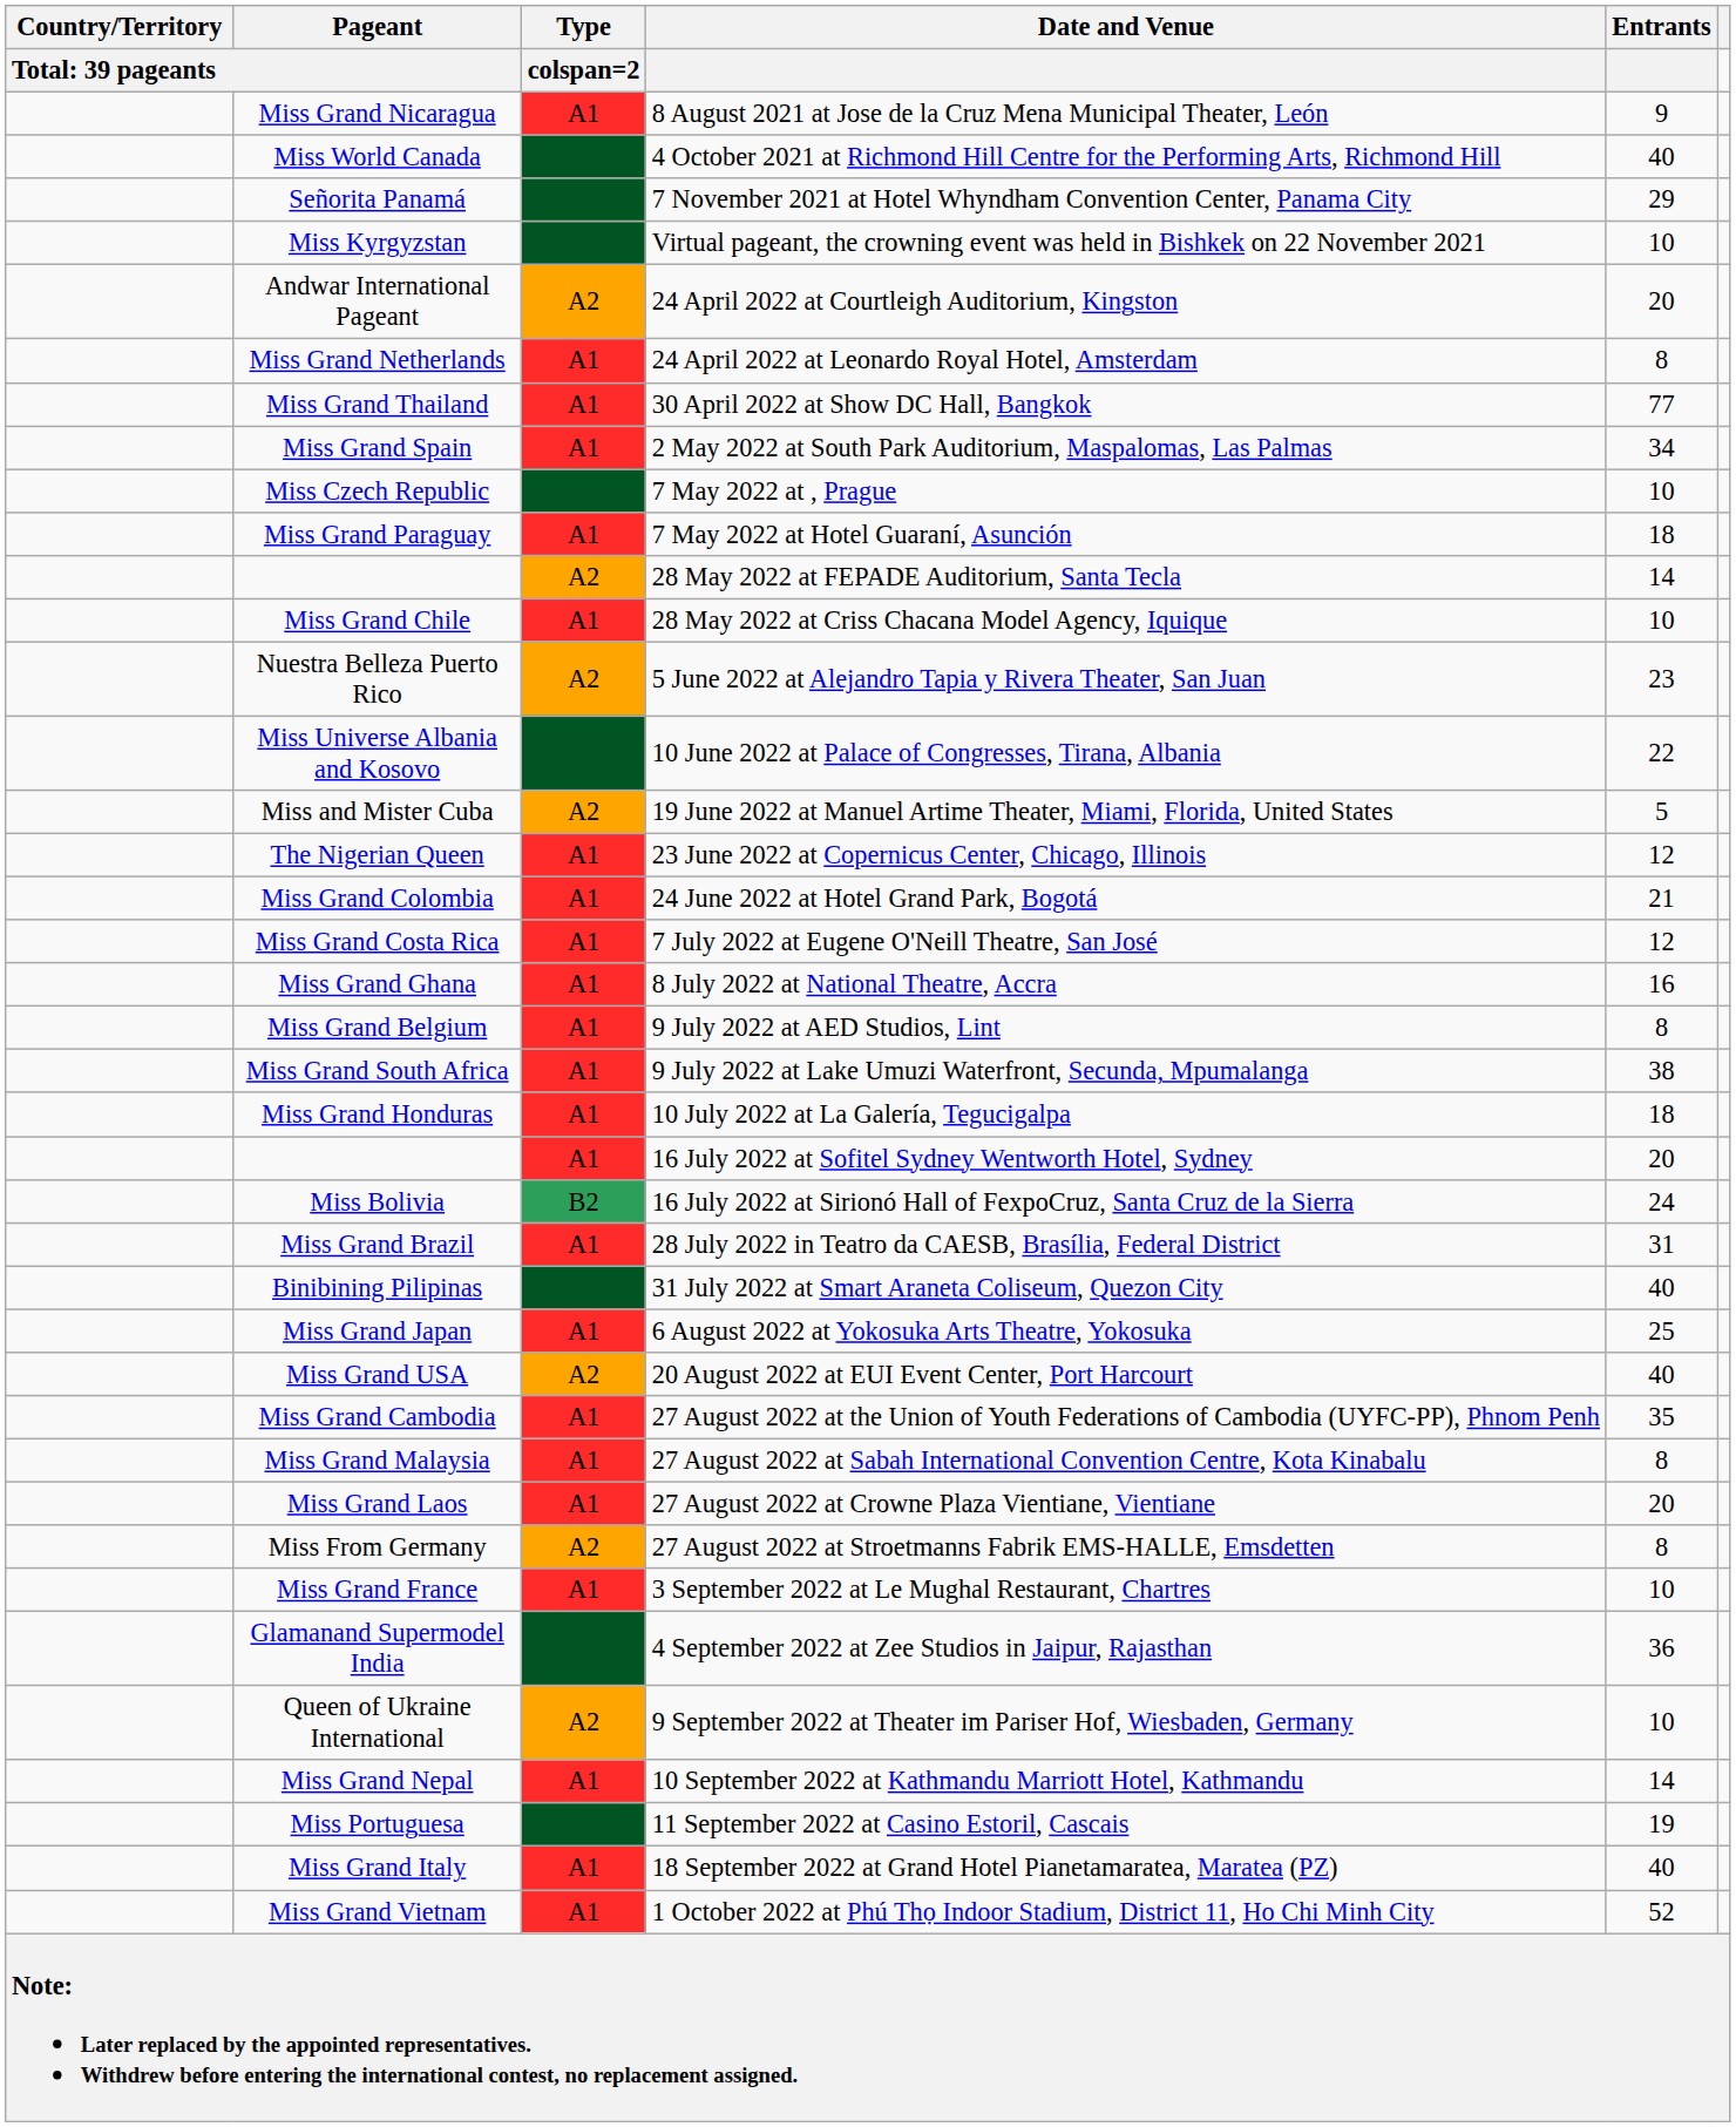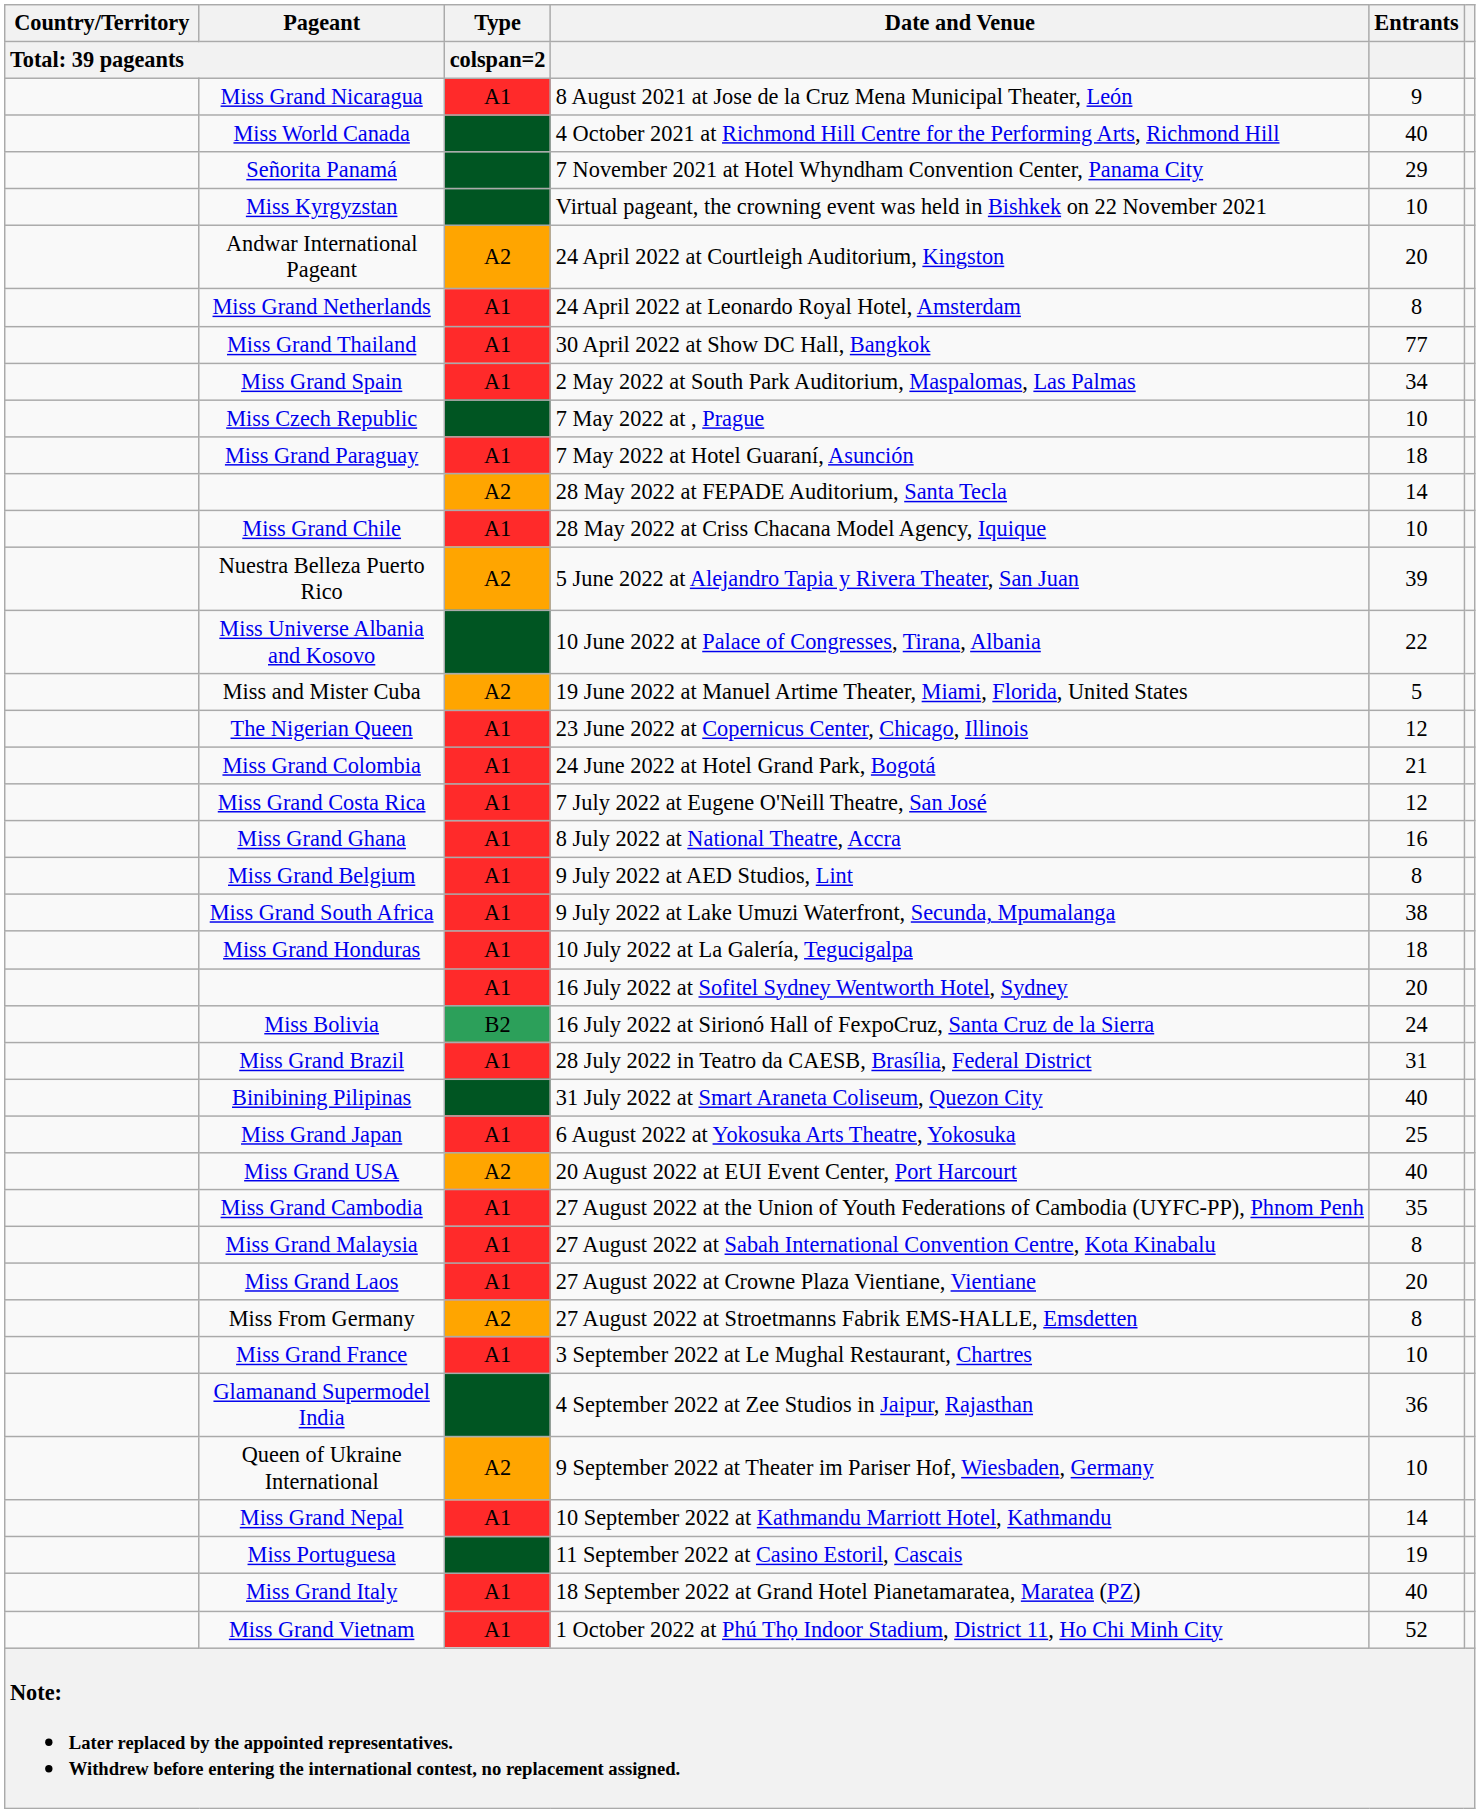 <table class="wikitable sortable static-row-numbers" style="font-size: 95%">
 <tr>
 <th class="unsortable" style="width:125px;">Country/Territory</th>
 <th class="unsortable" style="width:160px;">Pageant</th>
 <th class=unsortable>Type</th>
 <th class=unsortable>Date and Venue</th>
 <th class=unsortable>Entrants</th>
 <th class=unsortable></th>
 </tr>
 <tr style="background:white;" class="static-row-header">
 <th colspan="2" style="text-align:left;">Total: 39 pageants</th>
 <th>colspan=2 </th>
 <th></th>
 <th></th>
 </tr>
 <tr id="NIC">
 <td></td>
 <td align=center><a href='#'>Miss Grand Nicaragua</a></td>
 <td align=center bgcolor=#ff2a2a>A1</td>
 <td>8 August 2021 at Jose de la Cruz Mena Municipal Theater, <a href='#'>León</a></td>
 <td align=center>9</td>
 <td align=center></td>
 </tr>
 <tr id="CAN">
 <td></td>
 <td align=center><a href='#'>Miss World Canada</a></td>
 <td align=center bgcolor=#005522></td>
 <td>4 October 2021 at <a href='#'>Richmond Hill Centre for the Performing Arts</a>, <a href='#'>Richmond Hill</a></td>
 <td align=center>40</td>
 <td align=center></td>
 </tr>
 <tr id="PAN">
 <td></td>
 <td align=center><a href='#'>Señorita Panamá</a></td>
 <td align=center bgcolor=#005522></td>
 <td>7 November 2021 at Hotel Whyndham Convention Center, <a href='#'>Panama City</a></td>
 <td align=center>29</td>
 <td align=center></td>
 </tr>
 <tr id="KGZ">
 <td></td>
 <td align=center><a href='#'>Miss Kyrgyzstan</a></td>
 <td align=center bgcolor=#005522></td>
 <td>Virtual pageant, the crowning event was held in <a href='#'>Bishkek</a> on 22 November 2021</td>
 <td align=center>10</td>
 <td align=center></td>
 </tr>
 <tr id="JAM">
 <td></td>
 <td align=center>Andwar International Pageant</td>
 <td align=center bgcolor=#ffa500>A2</td>
 <td>24 April 2022 at Courtleigh Auditorium, <a href='#'>Kingston</a></td>
 <td align=center>20</td>
 <td align=center></td>
 </tr>
 <tr id="NED">
 <td></td>
 <td align=center><a href='#'>Miss Grand Netherlands</a></td>
 <td align=center bgcolor=#ff2a2a>A1</td>
 <td>24 April 2022 at Leonardo Royal Hotel, <a href='#'>Amsterdam</a></td>
 <td align=center>8</td>
 <td align=center></td>
 </tr>
 <tr id="THA">
 <td></td>
 <td align=center><a href='#'>Miss Grand Thailand</a></td>
 <td align=center bgcolor=#ff2a2a>A1</td>
 <td>30 April 2022 at Show DC Hall, <a href='#'>Bangkok</a></td>
 <td align=center>77</td>
 <td align=center></td>
 </tr>
 <tr id="ESP">
 <td></td>
 <td align=center><a href='#'>Miss Grand Spain</a></td>
 <td align=center bgcolor=#ff2a2a>A1</td>
 <td>2 May 2022 at South Park Auditorium, <a href='#'>Maspalomas</a>, <a href='#'>Las Palmas</a></td>
 <td align=center>34</td>
 <td align=center></td>
 </tr>
 <tr id="CZE">
 <td></td>
 <td align=center><a href='#'>Miss Czech Republic</a></td>
 <td align=center bgcolor=#005522></td>
 <td>7 May 2022 at , <a href='#'>Prague</a></td>
 <td align=center>10</td>
 <td align=center></td>
 </tr>
 <tr>
 <td></td>
 <td align=center><a href='#'>Miss Grand Paraguay</a></td>
 <td align=center bgcolor=#ff2a2a>A1</td>
 <td>7 May 2022 at Hotel Guaraní, <a href='#'>Asunción</a></td>
 <td align=center>18</td>
 <td align=center><br></td>
 </tr>
 <tr>
 <td></td>
 <td align=center></td>
 <td align=center bgcolor=#ffa500>A2</td>
 <td>28 May 2022 at FEPADE Auditorium, <a href='#'>Santa Tecla</a></td>
 <td align=center>14</td>
 <td align=center></td>
 </tr>
 <tr>
 <td></td>
 <td align=center><a href='#'>Miss Grand Chile</a></td>
 <td align=center bgcolor=#ff2a2a>A1</td>
 <td>28 May 2022 at Criss Chacana Model Agency, <a href='#'>Iquique</a></td>
 <td align=center>10</td>
 <td align=center></td>
 </tr>
 <tr>
 <td></td>
 <td align=center>Nuestra Belleza Puerto Rico</td>
 <td align=center bgcolor=#ffa500>A2</td>
 <td>5 June 2022 at <a href='#'>Alejandro Tapia y Rivera Theater</a>, <a href='#'>San Juan</a></td>
-<td align=center>23</td>
+<td align=center>39</td>
 <td align=center></td>
 </tr>
 <tr>
 <td></td>
 <td align=center><a href='#'>Miss Universe Albania and Kosovo</a></td>
 <td align=center bgcolor=#005522></td>
 <td>10 June 2022 at <a href='#'>Palace of Congresses</a>, <a href='#'>Tirana</a>, <a href='#'>Albania</a></td>
 <td align=center>22</td>
 <td align=center></td>
 </tr>
 <tr>
 <td></td>
 <td align=center>Miss and Mister Cuba</td>
 <td align=center bgcolor=#ffa500>A2</td>
 <td>19 June 2022 at Manuel Artime Theater, <a href='#'>Miami</a>, <a href='#'>Florida</a>, United States</td>
 <td align=center>5</td>
 <td align=center></td>
 </tr>
 <tr id="USA">
 <td></td>
 <td align=center><a href='#'>The Nigerian Queen</a></td>
 <td align=center bgcolor=#ff2a2a>A1</td>
 <td>23 June 2022 at <a href='#'>Copernicus Center</a>, <a href='#'>Chicago</a>, <a href='#'>Illinois</a></td>
 <td align=center>12</td>
 <td align=center></td>
 </tr>
 <tr>
 <td></td>
 <td align=center><a href='#'>Miss Grand Colombia</a></td>
 <td align=center bgcolor=#ff2a2a>A1</td>
 <td>24 June 2022 at Hotel Grand Park, <a href='#'>Bogotá</a></td>
 <td align=center>21</td>
 <td align=center></td>
 </tr>
 <tr>
 <td></td>
 <td align=center><a href='#'>Miss Grand Costa Rica</a></td>
 <td align=center bgcolor=#ff2a2a>A1</td>
 <td>7 July 2022 at Eugene O'Neill Theatre, <a href='#'>San José</a></td>
 <td align=center>12</td>
 <td align=center><br></td>
 </tr>
 <tr>
 <td></td>
 <td align=center><a href='#'>Miss Grand Ghana</a></td>
 <td align=center bgcolor=#ff2a2a>A1</td>
 <td>8 July 2022 at <a href='#'>National Theatre</a>, <a href='#'>Accra</a></td>
 <td align=center>16</td>
 <td align=center></td>
 </tr>
 <tr>
 <td></td>
 <td align=center><a href='#'>Miss Grand Belgium</a></td>
 <td align=center bgcolor=#ff2a2a>A1</td>
 <td>9 July 2022 at AED Studios, <a href='#'>Lint</a></td>
 <td align=center>8</td>
 <td align=center></td>
 </tr>
 <tr>
 <td></td>
 <td align=center><a href='#'>Miss Grand South Africa</a></td>
 <td align=center bgcolor=#ff2a2a>A1</td>
 <td>9 July 2022 at Lake Umuzi Waterfront, <a href='#'>Secunda, Mpumalanga</a></td>
 <td align=center>38</td>
 <td align=center></td>
 </tr>
 <tr>
 <td></td>
 <td align=center><a href='#'>Miss Grand Honduras</a></td>
 <td align=center bgcolor=#ff2a2a>A1</td>
 <td>10 July 2022 at La Galería, <a href='#'>Tegucigalpa</a></td>
 <td align=center>18</td>
 <td align=center></td>
 </tr>
 <tr>
 <td></td>
 <td align=center></td>
 <td align=center bgcolor=#ff2a2a>A1</td>
 <td>16 July 2022 at <a href='#'>Sofitel Sydney Wentworth Hotel</a>, <a href='#'>Sydney</a></td>
 <td align=center>20</td>
 <td align=center></td>
 </tr>
 <tr>
 <td></td>
 <td align=center><a href='#'>Miss Bolivia</a></td>
 <td align=center bgcolor=#2ca05a>B2</td>
 <td>16 July 2022 at Sirionó Hall of FexpoCruz, <a href='#'>Santa Cruz de la Sierra</a></td>
 <td align=center>24</td>
 <td align=center></td>
 </tr>
 <tr>
 <td></td>
 <td align=center><a href='#'>Miss Grand Brazil</a></td>
 <td align=center bgcolor=#ff2a2a>A1</td>
 <td>28 July 2022 in Teatro da CAESB, <a href='#'>Brasília</a>, <a href='#'>Federal District</a></td>
 <td align=center>31</td>
 <td align=center></td>
 </tr>
 <tr>
 <td></td>
 <td align=center><a href='#'>Binibining Pilipinas</a></td>
 <td align=center bgcolor=#005522></td>
 <td>31 July 2022 at <a href='#'>Smart Araneta Coliseum</a>, <a href='#'>Quezon City</a></td>
 <td align=center>40</td>
 <td align=center></td>
 </tr>
 <tr>
 <td></td>
 <td align=center><a href='#'>Miss Grand Japan</a></td>
 <td align=center bgcolor=#ff2a2a>A1</td>
 <td>6 August 2022 at <a href='#'>Yokosuka Arts Theatre</a>, <a href='#'>Yokosuka</a></td>
 <td align=center>25</td>
 <td align=center></td>
 </tr>
 <tr>
 <td></td>
 <td align=center><a href='#'>Miss Grand USA</a></td>
 <td align=center bgcolor=#ffa500>A2</td>
 <td>20 August 2022 at EUI Event Center, <a href='#'>Port Harcourt</a></td>
 <td align=center>40</td>
 <td align=center></td>
 </tr>
 <tr>
 <td></td>
 <td align=center><a href='#'>Miss Grand Cambodia</a></td>
 <td align=center bgcolor=#ff2a2a>A1</td>
 <td>27 August 2022 at the Union of Youth Federations of Cambodia (UYFC-PP), <a href='#'>Phnom Penh</a></td>
 <td align=center>35</td>
 <td align=center></td>
 </tr>
 <tr>
 <td></td>
 <td align=center><a href='#'>Miss Grand Malaysia</a></td>
 <td align=center bgcolor=#ff2a2a>A1</td>
 <td>27 August 2022 at <a href='#'>Sabah International Convention Centre</a>, <a href='#'>Kota Kinabalu</a></td>
 <td align=center>8</td>
 <td align=center></td>
 </tr>
 <tr>
 <td></td>
 <td align=center><a href='#'>Miss Grand Laos</a></td>
 <td align=center bgcolor=#ff2a2a>A1</td>
 <td>27 August 2022 at Crowne Plaza Vientiane, <a href='#'>Vientiane</a></td>
 <td align=center>20</td>
 <td align=center></td>
 </tr>
 <tr>
 <td></td>
 <td align=center>Miss From Germany</td>
 <td align=center bgcolor=#ffa500>A2</td>
 <td>27 August 2022 at Stroetmanns Fabrik EMS-HALLE, <a href='#'>Emsdetten</a></td>
 <td align=center>8</td>
 <td align=center></td>
 </tr>
 <tr>
 <td></td>
 <td align=center><a href='#'>Miss Grand France</a></td>
 <td align=center bgcolor=#ff2a2a>A1</td>
 <td>3 September 2022 at Le Mughal Restaurant, <a href='#'>Chartres</a></td>
 <td align=center>10</td>
 <td align=center></td>
 </tr>
 <tr>
 <td></td>
 <td align=center><a href='#'>Glamanand Supermodel India</a></td>
 <td align=center bgcolor=#005522></td>
 <td>4 September 2022 at Zee Studios in <a href='#'>Jaipur</a>, <a href='#'>Rajasthan</a></td>
 <td align=center>36</td>
 <td align=center></td>
 </tr>
 <tr>
 <td></td>
 <td align=center>Queen of Ukraine International</td>
 <td align=center bgcolor=#ffa500>A2</td>
 <td>9 September 2022 at Theater im Pariser Hof, <a href='#'>Wiesbaden</a>, <a href='#'>Germany</a></td>
 <td align=center>10</td>
 <td align=center></td>
 </tr>
 <tr>
 <td></td>
 <td align=center><a href='#'>Miss Grand Nepal</a></td>
 <td align=center bgcolor=#ff2a2a>A1</td>
 <td>10 September 2022 at <a href='#'>Kathmandu Marriott Hotel</a>, <a href='#'>Kathmandu</a></td>
 <td align=center>14</td>
 <td align=center></td>
 </tr>
 <tr>
 <td></td>
 <td align=center><a href='#'>Miss Portuguesa</a></td>
 <td align=center bgcolor=#005522></td>
 <td>11 September 2022 at <a href='#'>Casino Estoril</a>, <a href='#'>Cascais</a></td>
 <td align=center>19</td>
 <td align=center></td>
 </tr>
 <tr>
 <td></td>
 <td align=center><a href='#'>Miss Grand Italy</a></td>
 <td align=center bgcolor=#ff2a2a>A1</td>
 <td>18 September 2022 at Grand Hotel Pianetamaratea, <a href='#'>Maratea</a> (<a href='#'>PZ</a>)</td>
 <td align=center>40</td>
 <td align=center></td>
 </tr>
 <tr>
 <td></td>
 <td align=center><a href='#'>Miss Grand Vietnam</a></td>
 <td align=center bgcolor=#ff2a2a>A1</td>
 <td>1 October 2022 at <a href='#'>Phú Thọ Indoor Stadium</a>, <a href='#'>District 11</a>, <a href='#'>Ho Chi Minh City</a></td>
 <td align=center>52</td>
 <td align=center></td>
 </tr>
 <tr style="background:white;" class="sortbottom static-row-header">
 <th colspan="6" style="text-align:left;"><br>Note:<ul><li><small> Later replaced by the appointed representatives.</small></li><li><small> Withdrew before entering the international contest, no replacement assigned.</small></li></ul></th>
 </tr>
 </table>
